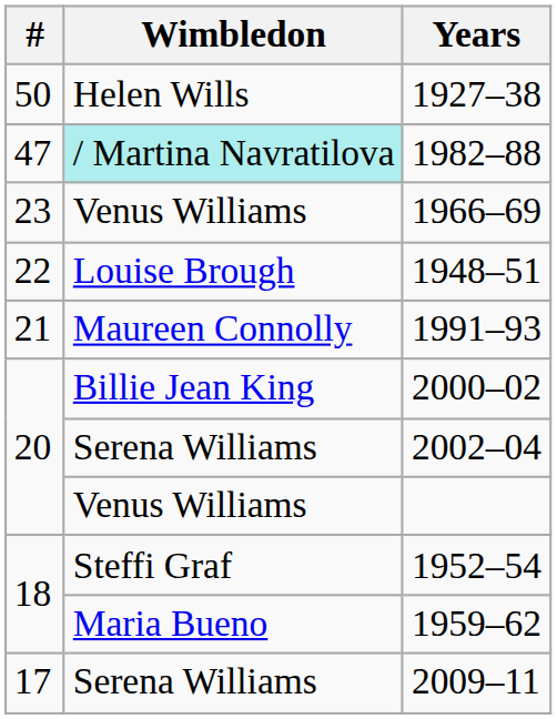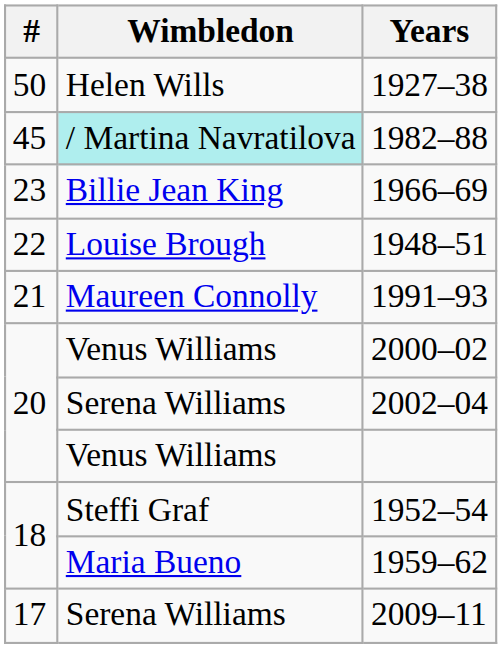 <table class="wikitable" style="display:inline-table;">
 <tr>
 <th style="width:18px;">#</th>
 <th>Wimbledon</th>
 <th>Years</th>
 </tr>
 <tr>
 <td>50</td>
 <td> Helen Wills</td>
 <td>1927–38</td>
 </tr>
 <tr>
-<td>47</td>
+<td>45</td>
 <td style="background: paleturquoise;">/ Martina Navratilova</td>
 <td>1982–88</td>
 </tr>
 <tr>
 <td>23</td>
-<td> Venus Williams</td>
+<td> <a href='#'>Billie Jean King</a></td>
 <td>1966–69</td>
 </tr>
 <tr>
 <td>22</td>
 <td> <a href='#'>Louise Brough</a></td>
 <td>1948–51</td>
 </tr>
 <tr>
 <td>21</td>
 <td> <a href='#'>Maureen Connolly</a></td>
 <td>1991–93</td>
 </tr>
 <tr>
 <td rowspan="3">20</td>
-<td> <a href='#'>Billie Jean King</a></td>
+<td> Venus Williams</td>
 <td>2000–02</td>
 </tr>
 <tr>
 <td> Serena Williams</td>
 <td>2002–04</td>
 </tr>
 <tr>
 <td> Venus Williams</td>
 <td></td>
 </tr>
 <tr>
 <td rowspan=2>18</td>
 <td> Steffi Graf</td>
 <td>1952–54</td>
 </tr>
 <tr>
 <td> <a href='#'>Maria Bueno</a></td>
 <td>1959–62</td>
 </tr>
 <tr>
 <td>17</td>
 <td> Serena Williams</td>
 <td>2009–11</td>
 </tr>
 </table>
